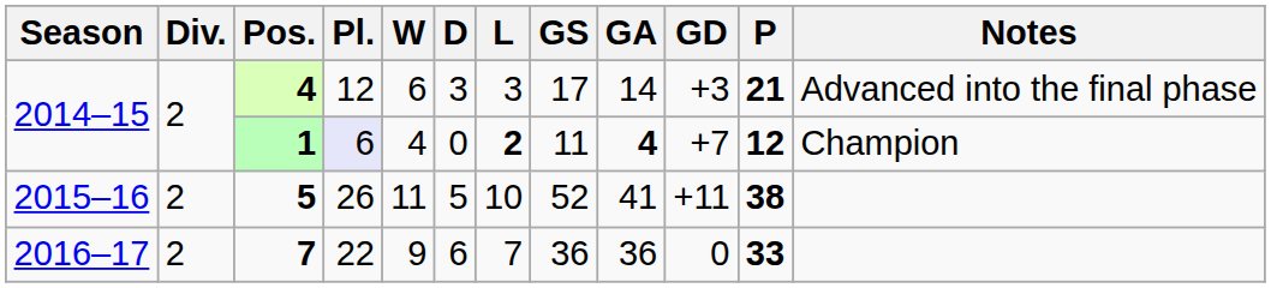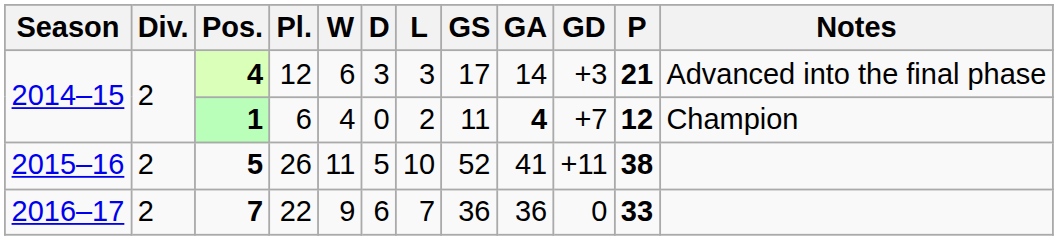 <table class="wikitable">
 <tr style="background:#efefef;">
 <th>Season</th>
 <th>Div.</th>
 <th>Pos.</th>
 <th>Pl.</th>
 <th>W</th>
 <th>D</th>
 <th>L</th>
 <th>GS</th>
 <th>GA</th>
 <th>GD</th>
 <th>P</th>
 <th>Notes</th>
 </tr>
 <tr>
 <td rowspan="2"><a href='#'>2014–15</a></td>
 <td rowspan="2">2</td>
 <td align=right bgcolor=#D9FFB9><strong>4</strong></td>
 <td align=right>12</td>
 <td align=right>6</td>
 <td align=right>3</td>
 <td align=right>3</td>
 <td align=right>17</td>
 <td align=right>14</td>
 <td align=right>+3</td>
 <td align=right><strong>21</strong></td>
 <td>Advanced into the final phase</td>
 </tr>
 <tr>
 <td align=right bgcolor=#B9FFB9><strong>1</strong></td>
-<td align=right style="background: lavender;">6</td>
+<td align=right>6</td>
 <td align=right>4</td>
 <td align=right>0</td>
-<td align=right><strong>2</strong></td>
+<td align=right>2</td>
 <td align=right>11</td>
 <td align=right><strong>4</strong></td>
 <td align=right>+7</td>
 <td align=right><strong>12</strong></td>
 <td>Champion</td>
 </tr>
 <tr>
 <td><a href='#'>2015–16</a></td>
 <td>2</td>
 <td align=right><strong>5</strong></td>
 <td align=right>26</td>
 <td align=right>11</td>
 <td align=right>5</td>
 <td align=right>10</td>
 <td align=right>52</td>
 <td align=right>41</td>
 <td align=right>+11</td>
 <td align=right><strong>38</strong></td>
 <td></td>
 </tr>
 <tr>
 <td><a href='#'>2016–17</a></td>
 <td>2</td>
 <td align=right><strong>7</strong></td>
 <td align=right>22</td>
 <td align=right>9</td>
 <td align=right>6</td>
 <td align=right>7</td>
 <td align=right>36</td>
 <td align=right>36</td>
 <td align=right>0</td>
 <td align=right><strong>33</strong></td>
 <td></td>
 </tr>
 </table>
